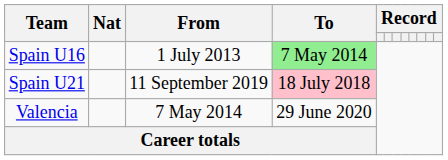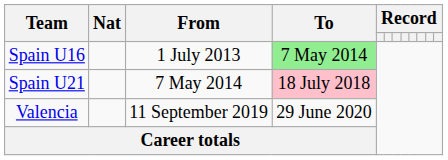 <table class="wikitable" style="text-align: center">
 <tr>
 <th rowspan="2">Team</th>
 <th rowspan="2">Nat</th>
 <th rowspan="2">From</th>
 <th rowspan="2">To</th>
 <th colspan=8>Record</th>
 </tr>
 <tr>
 <th></th>
 <th></th>
 <th></th>
 <th></th>
 <th></th>
 <th></th>
 <th></th>
 <th></th>
 </tr>
 <tr>
 <td><a href='#'>Spain U16</a></td>
 <td></td>
 <td>1 July 2013</td>
 <td style="background: lightgreen;">7 May 2014<br></td>
 </tr>
 <tr>
 <td><a href='#'>Spain U21</a></td>
 <td></td>
-<td>11 September 2019</td>
+<td>7 May 2014</td>
 <td style="background: pink;">18 July 2018<br></td>
 </tr>
 <tr>
 <td><a href='#'>Valencia</a></td>
 <td></td>
-<td>7 May 2014</td>
+<td>11 September 2019</td>
 <td>29 June 2020<br></td>
 </tr>
 <tr>
 <th colspan=4>Career totals<br></th>
 </tr>
 </table>
